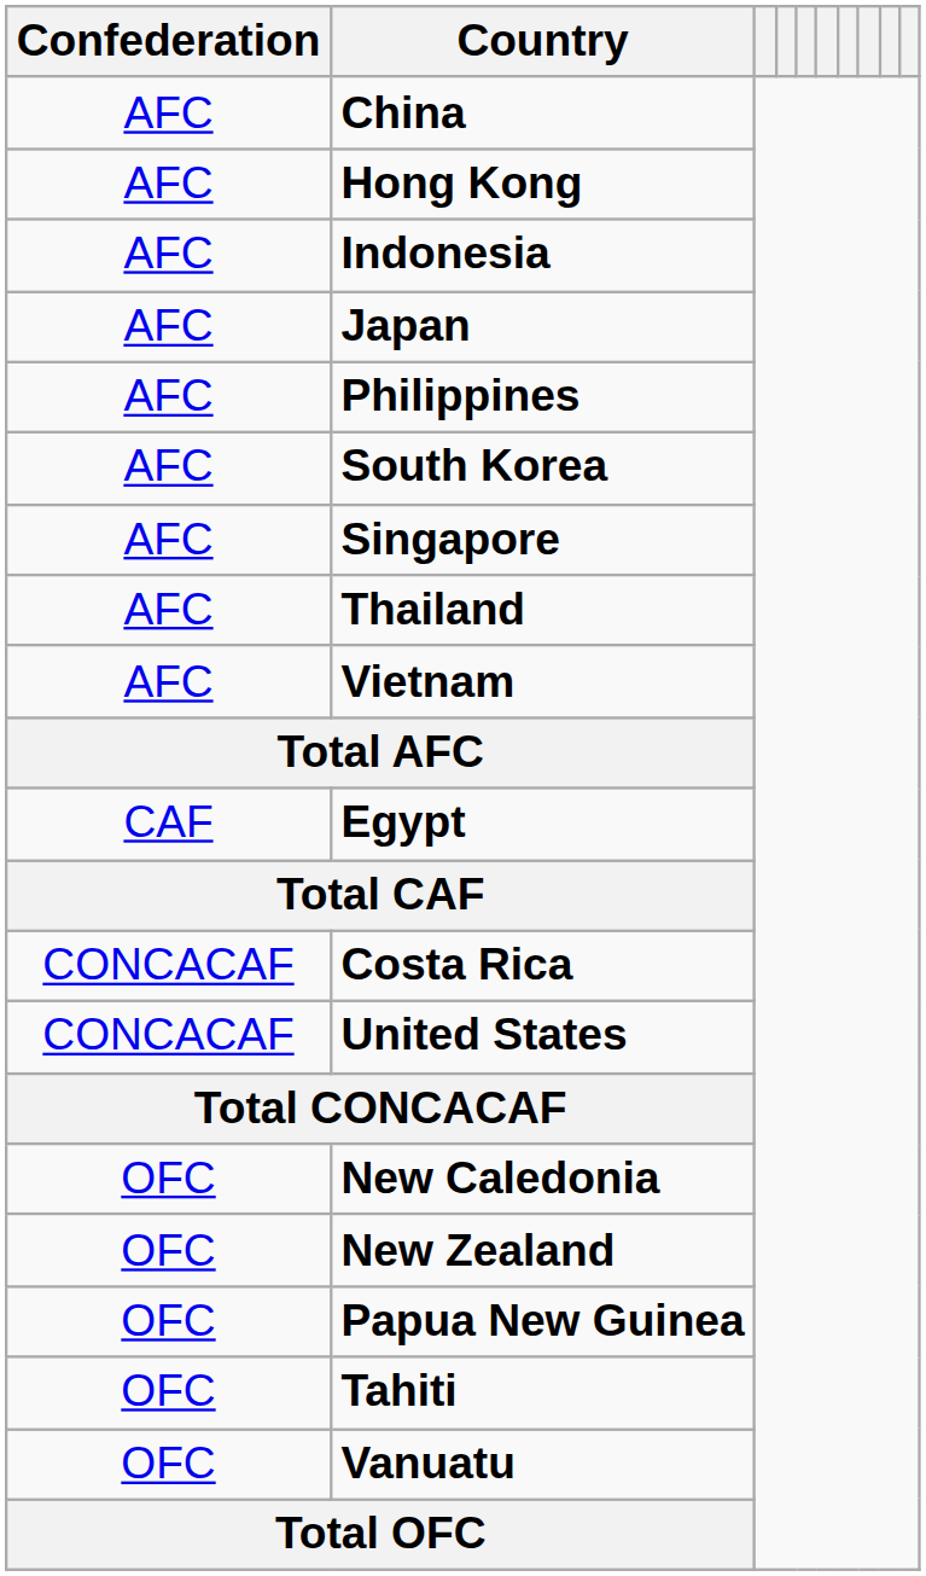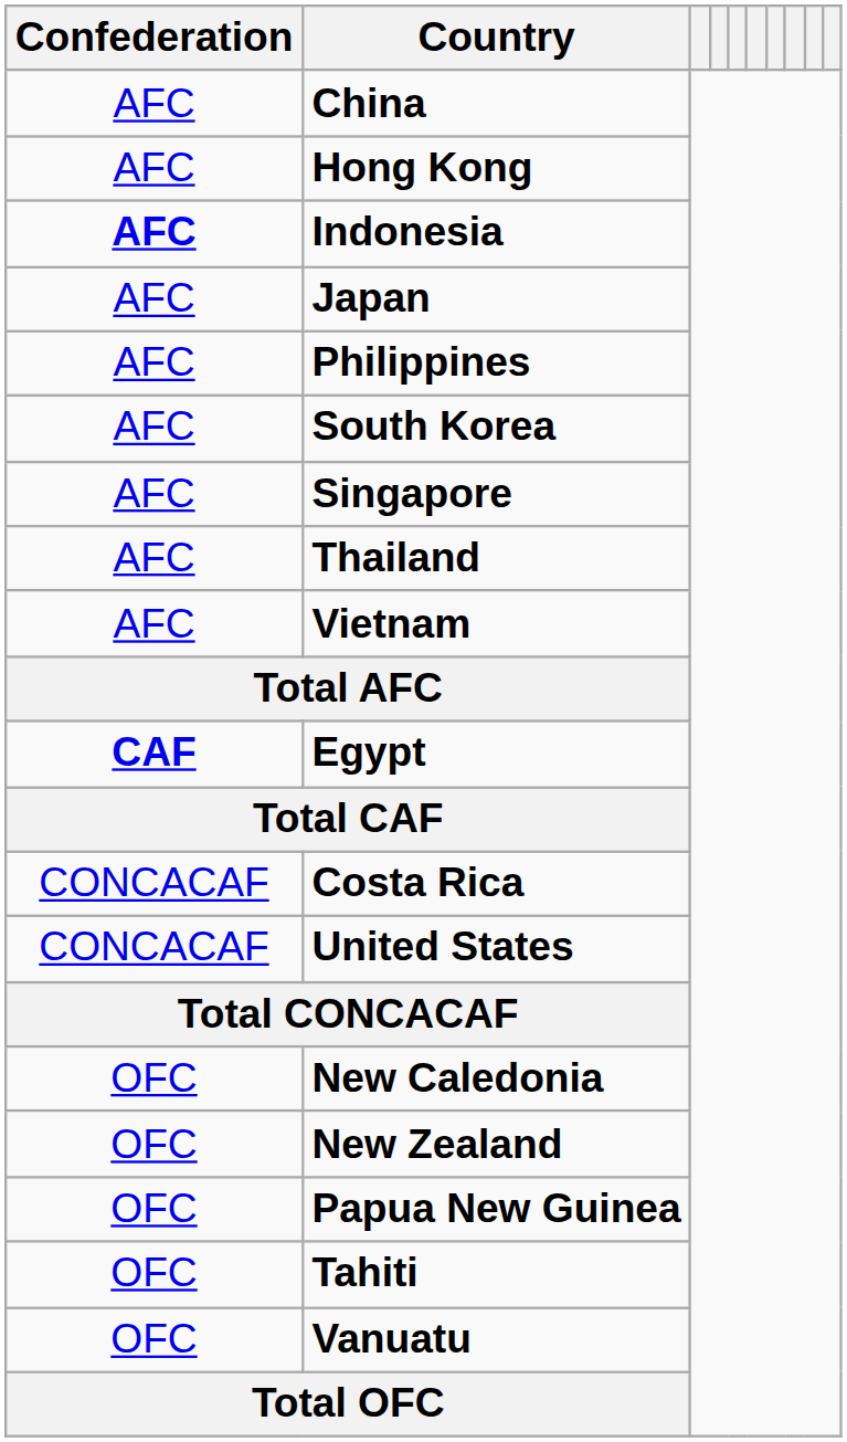 <table class="wikitable plainrowheaders sortable" style="text-align:center;">
 <tr>
 <th scope="col">Confederation</th>
 <th scope="col">Country</th>
 <th></th>
 <th></th>
 <th></th>
 <th></th>
 <th></th>
 <th></th>
 <th></th>
 <th></th>
 </tr>
 <tr>
 <td><a href='#'>AFC</a></td>
 <td align=left> <strong>China</strong><br></td>
 </tr>
 <tr>
 <td><a href='#'>AFC</a></td>
 <td align=left> <strong>Hong Kong</strong><br></td>
 </tr>
 <tr>
-<td><a href='#'>AFC</a></td>
+<td><strong><a href='#'>AFC</a></strong></td>
 <td align=left> <strong>Indonesia</strong><br></td>
 </tr>
 <tr>
 <td><a href='#'>AFC</a></td>
 <td align=left> <strong>Japan</strong><br></td>
 </tr>
 <tr>
 <td><a href='#'>AFC</a></td>
 <td align=left> <strong>Philippines</strong><br></td>
 </tr>
 <tr>
 <td><a href='#'>AFC</a></td>
 <td align=left> <strong>South Korea</strong><br></td>
 </tr>
 <tr>
 <td><a href='#'>AFC</a></td>
 <td align=left> <strong>Singapore</strong><br></td>
 </tr>
 <tr>
 <td><a href='#'>AFC</a></td>
 <td align=left> <strong>Thailand</strong><br></td>
 </tr>
 <tr>
 <td><a href='#'>AFC</a></td>
 <td align=left> <strong>Vietnam</strong><br></td>
 </tr>
 <tr class="sortbottom">
 <th colspan=2>Total AFC<br></th>
 </tr>
 <tr>
-<td><a href='#'>CAF</a></td>
+<td><strong><a href='#'>CAF</a></strong></td>
 <td align=left> <strong>Egypt</strong><br></td>
 </tr>
 <tr class="sortbottom">
 <th colspan=2>Total CAF<br></th>
 </tr>
 <tr>
 <td><a href='#'>CONCACAF</a></td>
 <td align=left> <strong>Costa Rica</strong><br></td>
 </tr>
 <tr>
 <td><a href='#'>CONCACAF</a></td>
 <td align=left> <strong>United States</strong><br></td>
 </tr>
 <tr class="sortbottom">
 <th colspan=2>Total CONCACAF<br></th>
 </tr>
 <tr>
 <td><a href='#'>OFC</a></td>
 <td align=left> <strong>New Caledonia</strong><br></td>
 </tr>
 <tr>
 <td><a href='#'>OFC</a></td>
 <td align=left> <strong>New Zealand</strong><br></td>
 </tr>
 <tr>
 <td><a href='#'>OFC</a></td>
 <td align=left> <strong>Papua New Guinea</strong><br></td>
 </tr>
 <tr>
 <td><a href='#'>OFC</a></td>
 <td align=left> <strong>Tahiti</strong><br></td>
 </tr>
 <tr>
 <td><a href='#'>OFC</a></td>
 <td align=left> <strong>Vanuatu</strong><br></td>
 </tr>
 <tr class="sortbottom">
 <th colspan=2>Total OFC<br></th>
 </tr>
 </table>
